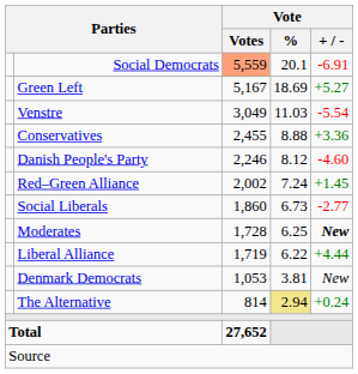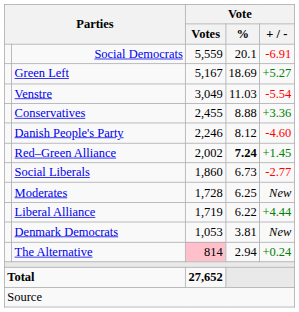 <table class="wikitable" style="text-align:right;">
 <tr>
 <th style="text-align:centre;" rowspan="2" colspan="2" width="225">Parties</th>
 <th colspan="3">Vote</th>
 </tr>
 <tr>
 <th width="15">Votes</th>
 <th width="15">%</th>
 <th width="15">+ / -</th>
 </tr>
 <tr>
 <td width=2 bgcolor=></td>
 <td><a href='#'>Social Democrats</a></td>
-<td style="background: lightsalmon;">5,559</td>
+<td>5,559</td>
 <td>20.1</td>
 <td style=color:red;>-6.91</td>
 </tr>
 <tr>
 <td width=2 bgcolor=></td>
 <td align=left><a href='#'>Green Left</a></td>
 <td>5,167</td>
 <td>18.69</td>
 <td style=color:green;>+5.27</td>
 </tr>
 <tr>
 <td width=2 bgcolor=></td>
 <td align=left><a href='#'>Venstre</a></td>
 <td>3,049</td>
 <td>11.03</td>
 <td style=color:red;>-5.54</td>
 </tr>
 <tr>
 <td width=2 bgcolor=></td>
 <td align=left><a href='#'>Conservatives</a></td>
 <td>2,455</td>
 <td>8.88</td>
 <td style=color:green;>+3.36</td>
 </tr>
 <tr>
 <td width=2 bgcolor=></td>
 <td align=left><a href='#'>Danish People's Party</a></td>
 <td>2,246</td>
 <td>8.12</td>
 <td style=color:red;>-4.60</td>
 </tr>
 <tr>
 <td width=2 bgcolor=></td>
 <td align=left><a href='#'>Red–Green Alliance</a></td>
 <td>2,002</td>
-<td>7.24</td>
+<td><strong>7.24</strong></td>
 <td style=color:green;>+1.45</td>
 </tr>
 <tr>
 <td width=2 bgcolor=></td>
 <td align=left><a href='#'>Social Liberals</a></td>
 <td>1,860</td>
 <td>6.73</td>
 <td style=color:red;>-2.77</td>
 </tr>
 <tr>
 <td width=2 bgcolor=></td>
 <td align=left><a href='#'>Moderates</a></td>
 <td>1,728</td>
 <td>6.25</td>
-<td><strong><em>New</em></strong></td>
+<td><em>New</em></td>
 </tr>
 <tr>
 <td width=2 bgcolor=></td>
 <td align=left><a href='#'>Liberal Alliance</a></td>
 <td>1,719</td>
 <td>6.22</td>
 <td style=color:green;>+4.44</td>
 </tr>
 <tr>
 <td width=2 bgcolor=></td>
 <td align=left><a href='#'>Denmark Democrats</a></td>
 <td>1,053</td>
 <td>3.81</td>
 <td><em>New</em></td>
 </tr>
 <tr>
 <td width=2 bgcolor=></td>
 <td align=left><a href='#'>The Alternative</a></td>
-<td>814</td>
-<td style="background: khaki;">2.94</td>
+<td style="background: pink;">814</td>
+<td>2.94</td>
 <td style=color:green;>+0.24</td>
 </tr>
 <tr>
 <td colspan="7" bgcolor="#E9E9E9"></td>
 </tr>
 <tr>
 <td align="left" colspan="2"><strong>Total</strong></td>
 <td><strong>27,652</strong></td>
 <td bgcolor=#E9E9E9 colspan=2></td>
 </tr>
 <tr>
 <td align="left" colspan="6">Source</td>
 </tr>
 </table>
